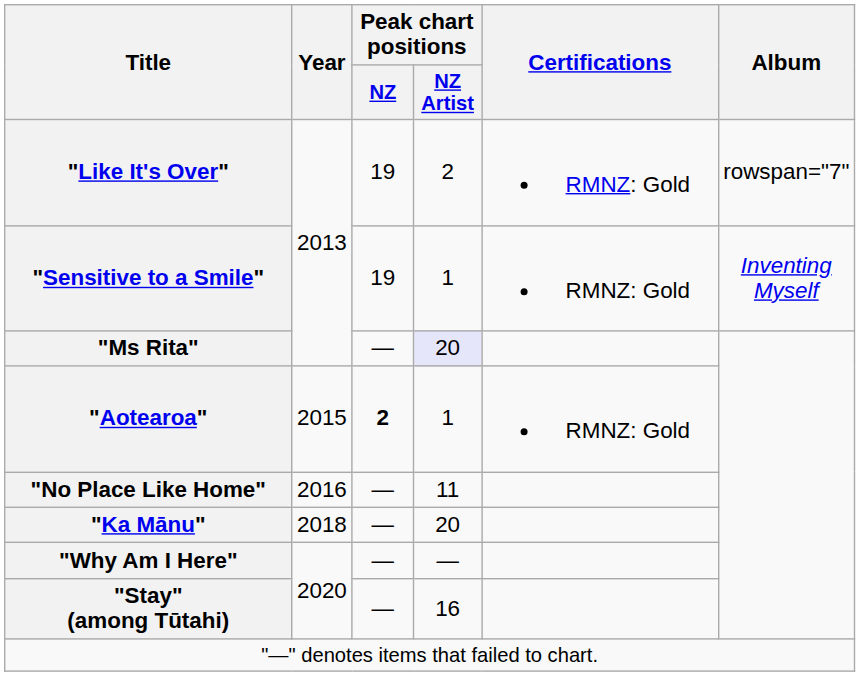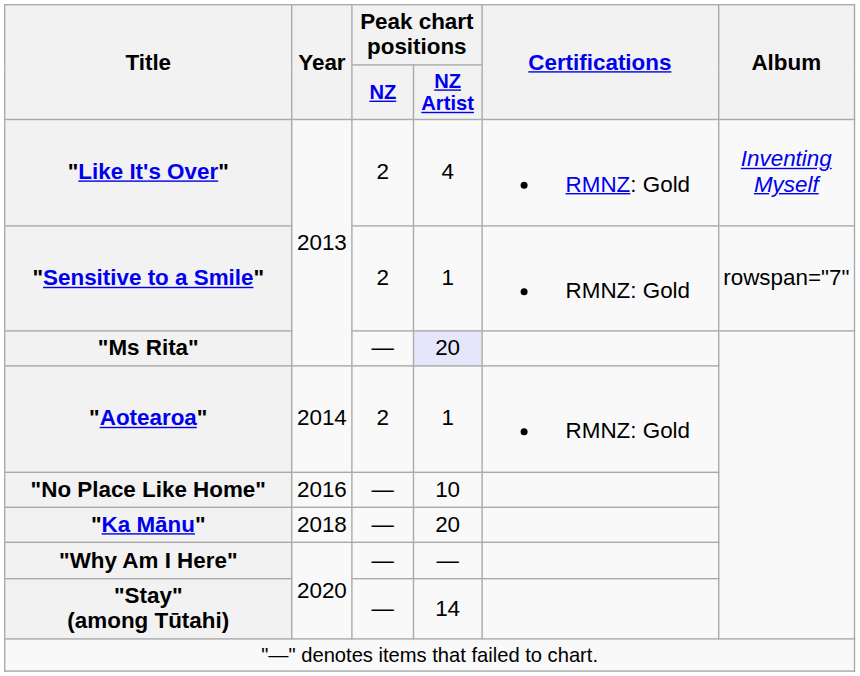 <table class="wikitable plainrowheaders" style="text-align:center;">
 <tr>
 <th scope="col" rowspan="2" style="width:16em;">Title</th>
 <th scope="col" rowspan="2">Year</th>
 <th scope="col" colspan="2">Peak chart positions</th>
 <th scope="col" rowspan="2" style="width:12em;"><a href='#'>Certifications</a></th>
 <th scope="col" rowspan="2">Album</th>
 </tr>
 <tr>
 <th scope="col" style="width:3em;font-size:90%;"><a href='#'>NZ</a><br></th>
 <th scope="col" style="width:3em;font-size:90%;"><a href='#'>NZ<br>Artist</a><br></th>
 </tr>
 <tr>
 <th scope="row">"<a href='#'>Like It's Over</a>"<br></th>
 <td rowspan="3">2013</td>
-<td>19</td>
 <td>2</td>
+<td>4</td>
 <td><br><ul><li><a href='#'>RMNZ</a>: Gold</li></ul></td>
-<td>rowspan="7" </td>
+<td><em><a href='#'>Inventing Myself</a></em></td>
 </tr>
 <tr>
 <th scope="row">"<a href='#'>Sensitive to a Smile</a>"<br></th>
-<td>19</td>
+<td>2</td>
 <td>1</td>
 <td><br><ul><li>RMNZ: Gold</li></ul></td>
-<td><em><a href='#'>Inventing Myself</a></em></td>
+<td>rowspan="7" </td>
 </tr>
 <tr>
 <th scope="row">"Ms Rita"<br></th>
 <td>—</td>
 <td style="background: lavender;">20</td>
 <td></td>
 </tr>
 <tr>
 <th scope="row">"<a href='#'>Aotearoa</a>"<br></th>
-<td>2015</td>
-<td><strong>2</strong></td>
+<td>2014</td>
+<td>2</td>
 <td>1</td>
 <td><br><ul><li>RMNZ: Gold</li></ul></td>
 </tr>
 <tr>
 <th scope="row">"No Place Like Home"<br></th>
 <td>2016</td>
 <td>—</td>
-<td>11</td>
+<td>10</td>
 <td></td>
 </tr>
 <tr>
 <th scope="row">"<a href='#'>Ka Mānu</a>"<br></th>
 <td>2018</td>
 <td>—</td>
 <td>20</td>
 <td></td>
 </tr>
 <tr>
 <th scope="row">"Why Am I Here"<br></th>
 <td rowspan="2">2020</td>
 <td>—</td>
 <td>—</td>
 <td></td>
 </tr>
 <tr>
 <th scope="row">"Stay"<br><span>(among Tūtahi)</span></th>
 <td>—</td>
-<td>16</td>
+<td>14</td>
 <td></td>
 </tr>
 <tr>
 <td colspan="14" style="font-size:90%">"—" denotes items that failed to chart.</td>
 </tr>
 </table>
